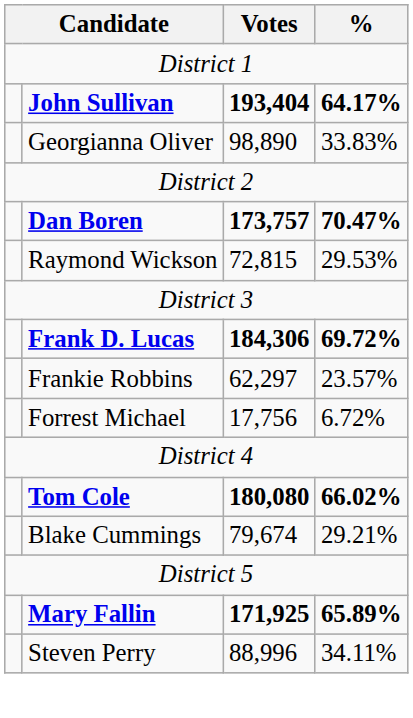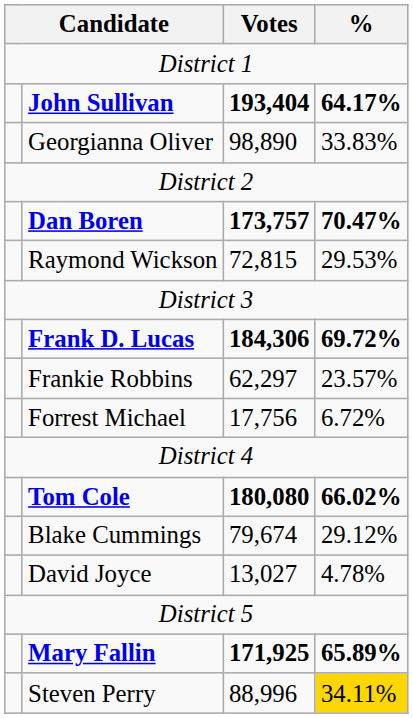 <table class="wikitable">
 <tr>
 <th colspan="2"  style="text-align:center; vertical-align:top;"><strong>Candidate</strong></th>
 <th valign="top"><strong>Votes</strong></th>
 <th valign="top"><strong>%</strong></th>
 </tr>
 <tr>
 <td colspan="4" style="text-align:center;"><em>District 1</em></td>
 </tr>
 <tr>
 <td style="background-color:"> </td>
 <td><strong><a href='#'>John Sullivan</a></strong></td>
 <td><strong>193,404</strong></td>
 <td><strong>64.17%</strong></td>
 </tr>
 <tr>
 <td style="background-color:"> </td>
 <td>Georgianna Oliver</td>
 <td>98,890</td>
 <td>33.83%</td>
 </tr>
 <tr>
 <td colspan="4" style="text-align:center;"><em>District 2</em></td>
 </tr>
 <tr>
 <td style="background-color:"> </td>
 <td><strong><a href='#'>Dan Boren</a></strong></td>
 <td><strong>173,757</strong></td>
 <td><strong>70.47%</strong></td>
 </tr>
 <tr>
 <td style="background-color:"> </td>
 <td>Raymond Wickson</td>
 <td>72,815</td>
 <td>29.53%</td>
 </tr>
 <tr>
 <td colspan="4" style="text-align:center;"><em>District 3</em></td>
 </tr>
 <tr>
 <td style="background-color:"> </td>
 <td><strong><a href='#'>Frank D. Lucas</a></strong></td>
 <td><strong>184,306</strong></td>
 <td><strong>69.72%</strong></td>
 </tr>
 <tr>
 <td style="background-color:"> </td>
 <td>Frankie Robbins</td>
 <td>62,297</td>
 <td>23.57%</td>
 </tr>
 <tr>
 <td style="background-color:"> </td>
 <td>Forrest Michael</td>
 <td>17,756</td>
 <td>6.72%</td>
 </tr>
 <tr>
 <td colspan="4" style="text-align:center;"><em>District 4</em></td>
 </tr>
 <tr>
 <td style="background-color:"> </td>
 <td><strong><a href='#'>Tom Cole</a></strong></td>
 <td><strong>180,080</strong></td>
 <td><strong>66.02%</strong></td>
 </tr>
 <tr>
 <td style="background-color:"> </td>
 <td>Blake Cummings</td>
 <td>79,674</td>
-<td>29.21%</td>
+<td>29.12%</td>
+</tr>
+<tr>
+<td style="background-color:"> </td>
+<td>David Joyce</td>
+<td>13,027</td>
+<td>4.78%</td>
 </tr>
 <tr>
 <td colspan="4" style="text-align:center;"><em>District 5</em></td>
 </tr>
 <tr>
 <td style="background-color:"> </td>
 <td><strong><a href='#'>Mary Fallin</a></strong></td>
 <td><strong>171,925</strong></td>
 <td><strong>65.89%</strong></td>
 </tr>
 <tr>
 <td style="background-color:"> </td>
 <td>Steven Perry</td>
 <td>88,996</td>
-<td>34.11%</td>
+<td style="background: gold;">34.11%</td>
 </tr>
 </table>
